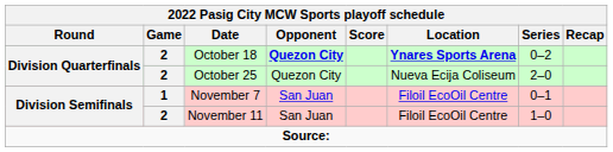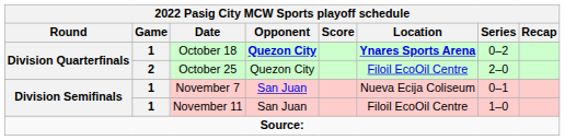 <table class="wikitable" style="text-align:center">
 <tr>
 <th colspan=8>2022 Pasig City MCW Sports playoff schedule</th>
 </tr>
 <tr>
 <th>Round</th>
 <th>Game</th>
 <th>Date</th>
 <th>Opponent</th>
 <th>Score</th>
 <th>Location</th>
 <th>Series</th>
 <th>Recap<br></th>
 </tr>
 <tr style="background:#cfc">
 <th rowspan=2>Division Quarterfinals</th>
-<th>2</th>
+<th>1</th>
 <td>October 18</td>
 <td><strong><a href='#'>Quezon City</a></strong></td>
 <td></td>
 <td><strong><a href='#'>Ynares Sports Arena</a></strong></td>
 <td>0–2</td>
 <td></td>
 </tr>
 <tr style="background:#cfc">
 <th>2</th>
 <td>October 25</td>
 <td>Quezon City</td>
 <td></td>
-<td>Nueva Ecija Coliseum</td>
+<td><a href='#'>Filoil EcoOil Centre</a></td>
 <td>2–0</td>
 <td><br></td>
 </tr>
 <tr style="background:#fcc">
 <th rowspan=2>Division Semifinals</th>
 <th>1</th>
 <td>November 7</td>
 <td><a href='#'>San Juan</a></td>
 <td></td>
-<td><a href='#'>Filoil EcoOil Centre</a></td>
+<td>Nueva Ecija Coliseum</td>
 <td>0–1</td>
 <td></td>
 </tr>
 <tr style="background:#fcc">
-<th>2</th>
+<th>1</th>
 <td>November 11</td>
 <td>San Juan</td>
 <td></td>
 <td>Filoil EcoOil Centre</td>
 <td>1–0</td>
 <td></td>
 </tr>
 <tr>
 <td colspan=8 align=center><strong>Source: </strong></td>
 </tr>
 </table>
